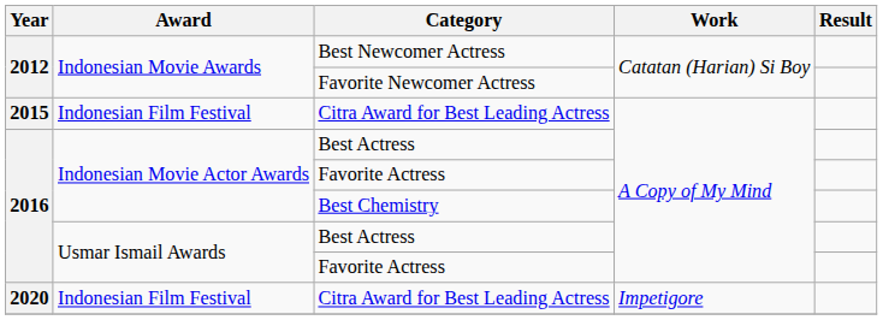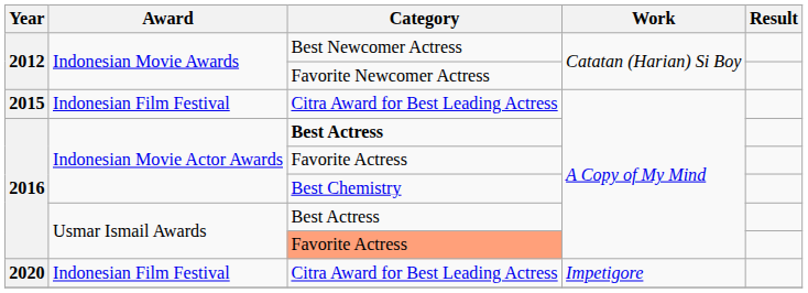 <table class="wikitable sortable">
 <tr>
 <th>Year</th>
 <th>Award</th>
 <th>Category</th>
 <th>Work</th>
 <th>Result</th>
 </tr>
 <tr>
 <th rowspan="2">2012</th>
 <td rowspan="2"><a href='#'>Indonesian Movie Awards</a></td>
 <td>Best Newcomer Actress</td>
 <td rowspan="2"><em>Catatan (Harian) Si Boy</em></td>
 <td></td>
 </tr>
 <tr>
 <td>Favorite Newcomer Actress</td>
 <td></td>
 </tr>
 <tr>
 <th>2015</th>
 <td><a href='#'>Indonesian Film Festival</a></td>
 <td><a href='#'>Citra Award for Best Leading Actress</a></td>
 <td rowspan="6"><em><a href='#'>A Copy of My Mind</a></em></td>
 <td></td>
 </tr>
 <tr>
 <th rowspan="5">2016</th>
 <td rowspan="3"><a href='#'>Indonesian Movie Actor Awards</a></td>
-<td>Best Actress</td>
+<td><strong>Best Actress</strong></td>
 <td></td>
 </tr>
 <tr>
 <td>Favorite Actress</td>
 <td></td>
 </tr>
 <tr>
 <td><a href='#'>Best Chemistry</a> </td>
 <td></td>
 </tr>
 <tr>
 <td rowspan="2">Usmar Ismail Awards</td>
 <td>Best Actress</td>
 <td></td>
 </tr>
 <tr>
-<td>Favorite Actress</td>
+<td style="background: lightsalmon;">Favorite Actress</td>
 <td></td>
 </tr>
 <tr>
 <th>2020</th>
 <td><a href='#'>Indonesian Film Festival</a></td>
 <td><a href='#'>Citra Award for Best Leading Actress</a></td>
 <td><em><a href='#'>Impetigore</a></em></td>
 <td></td>
 </tr>
 <tr>
 </tr>
 </table>
